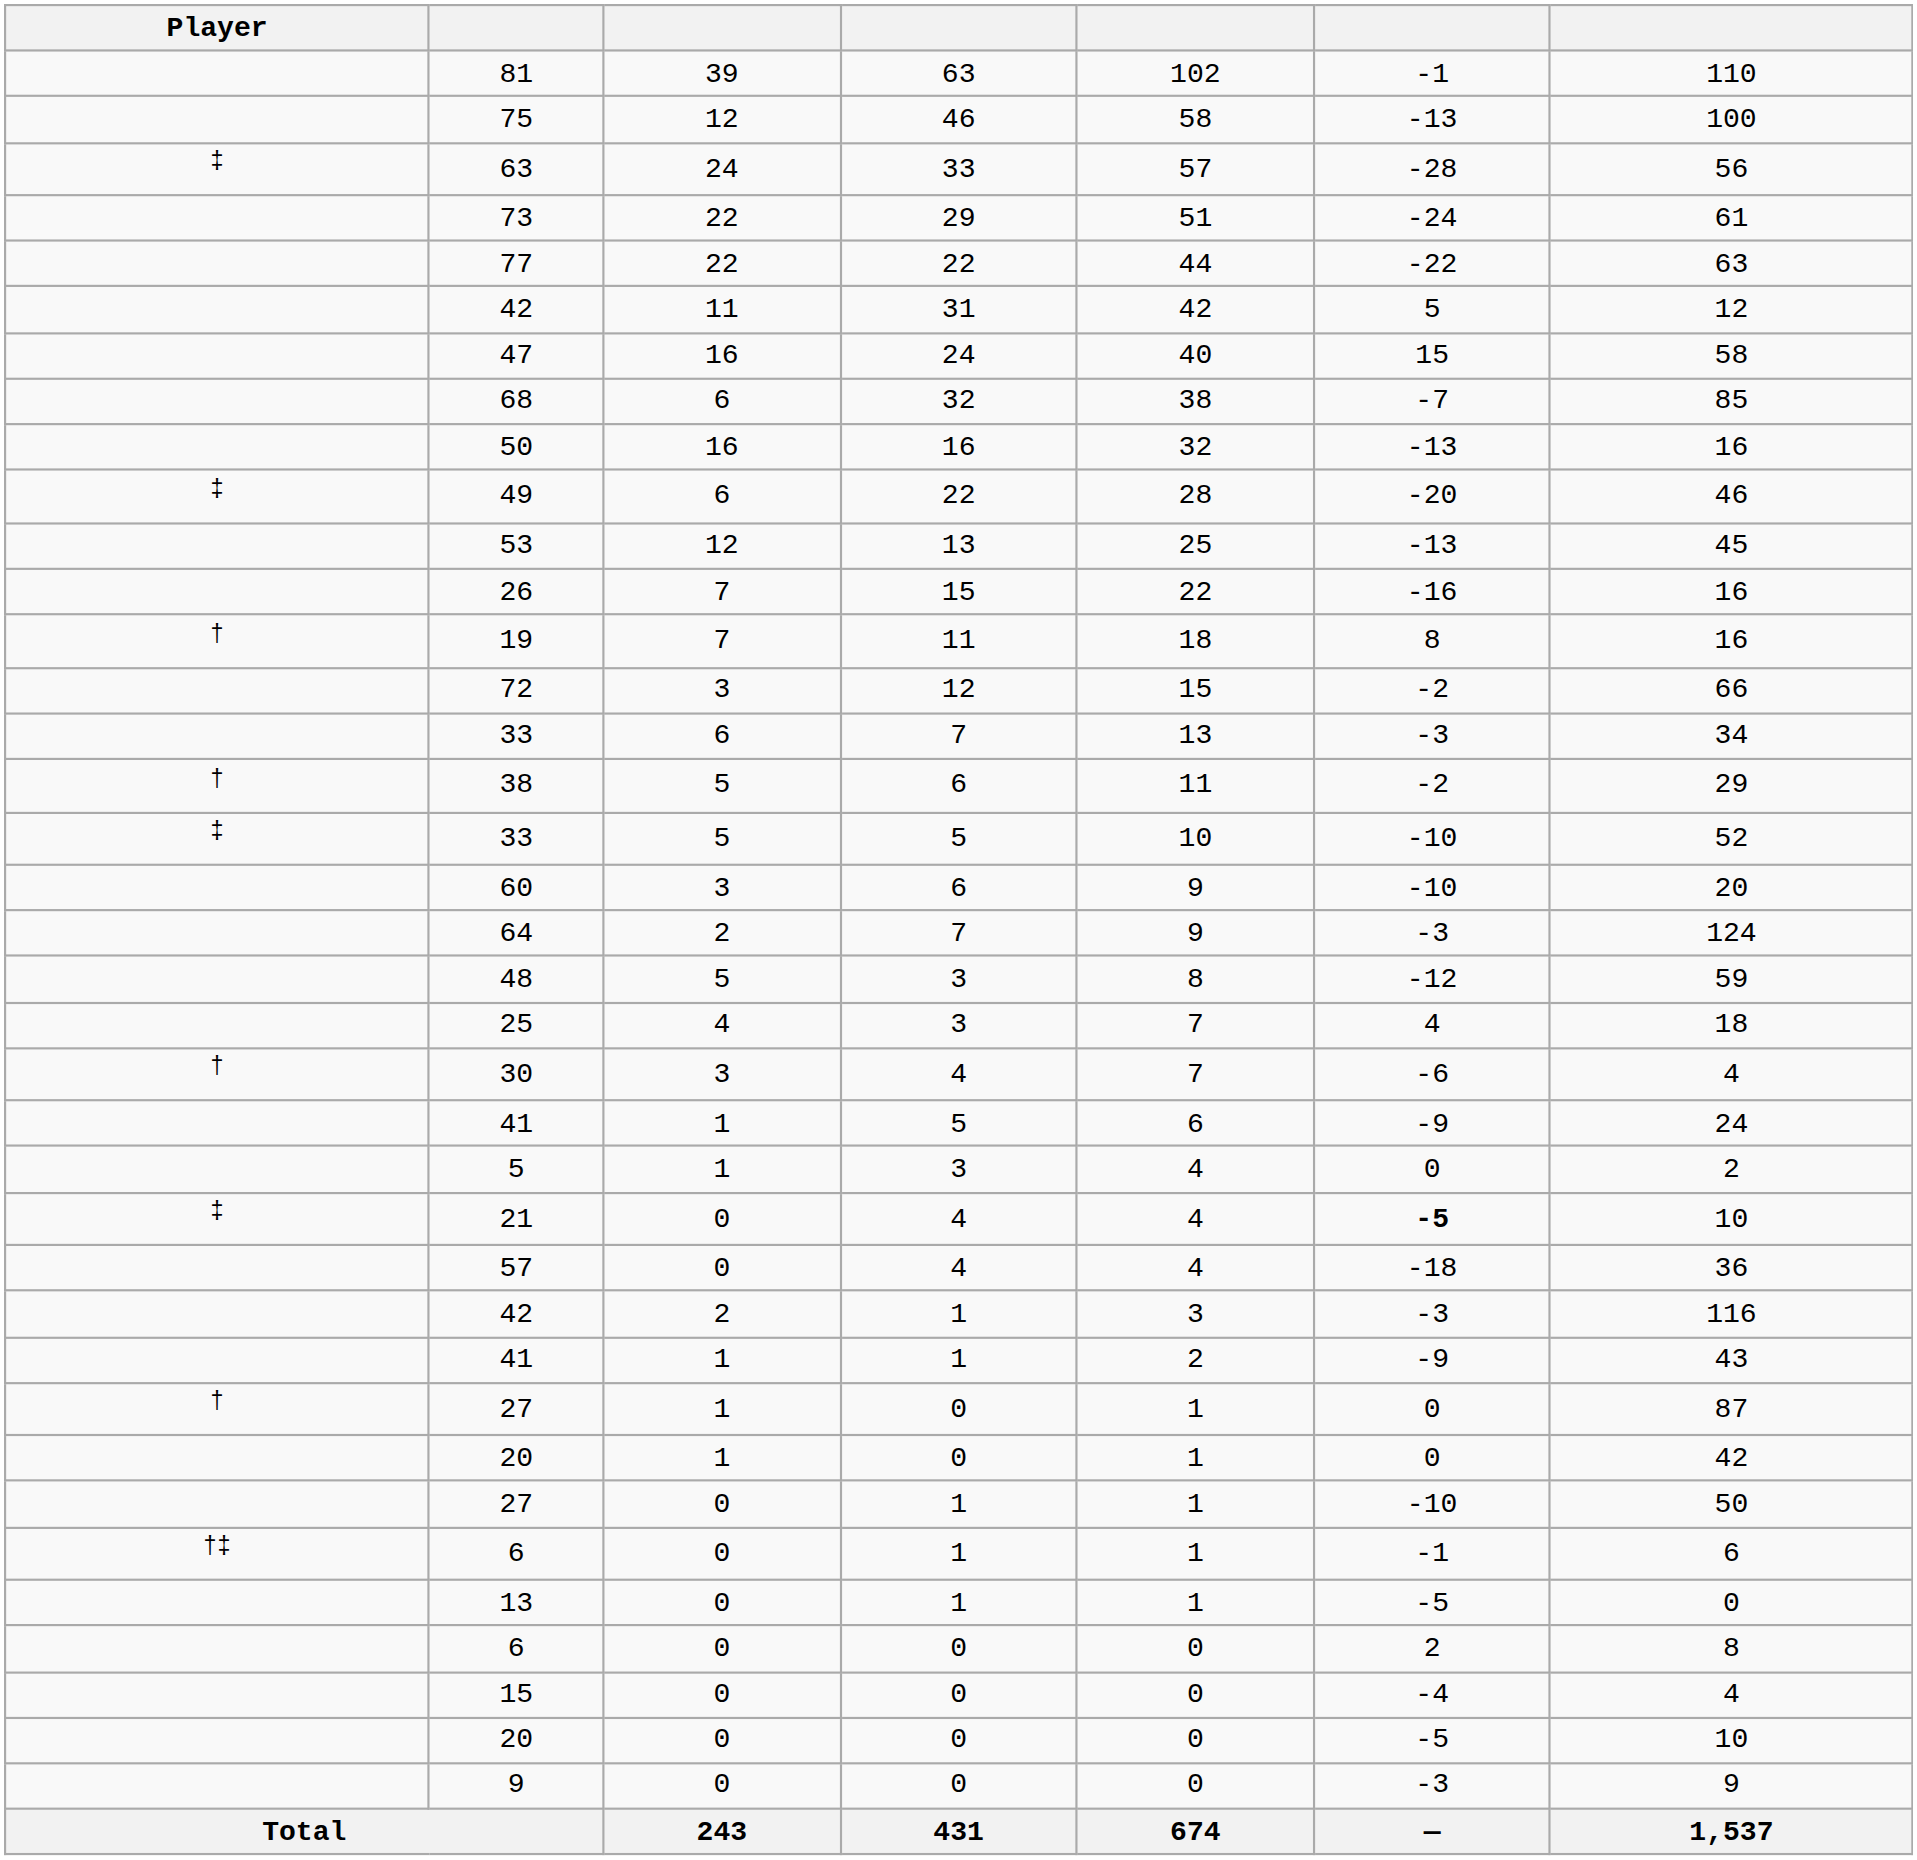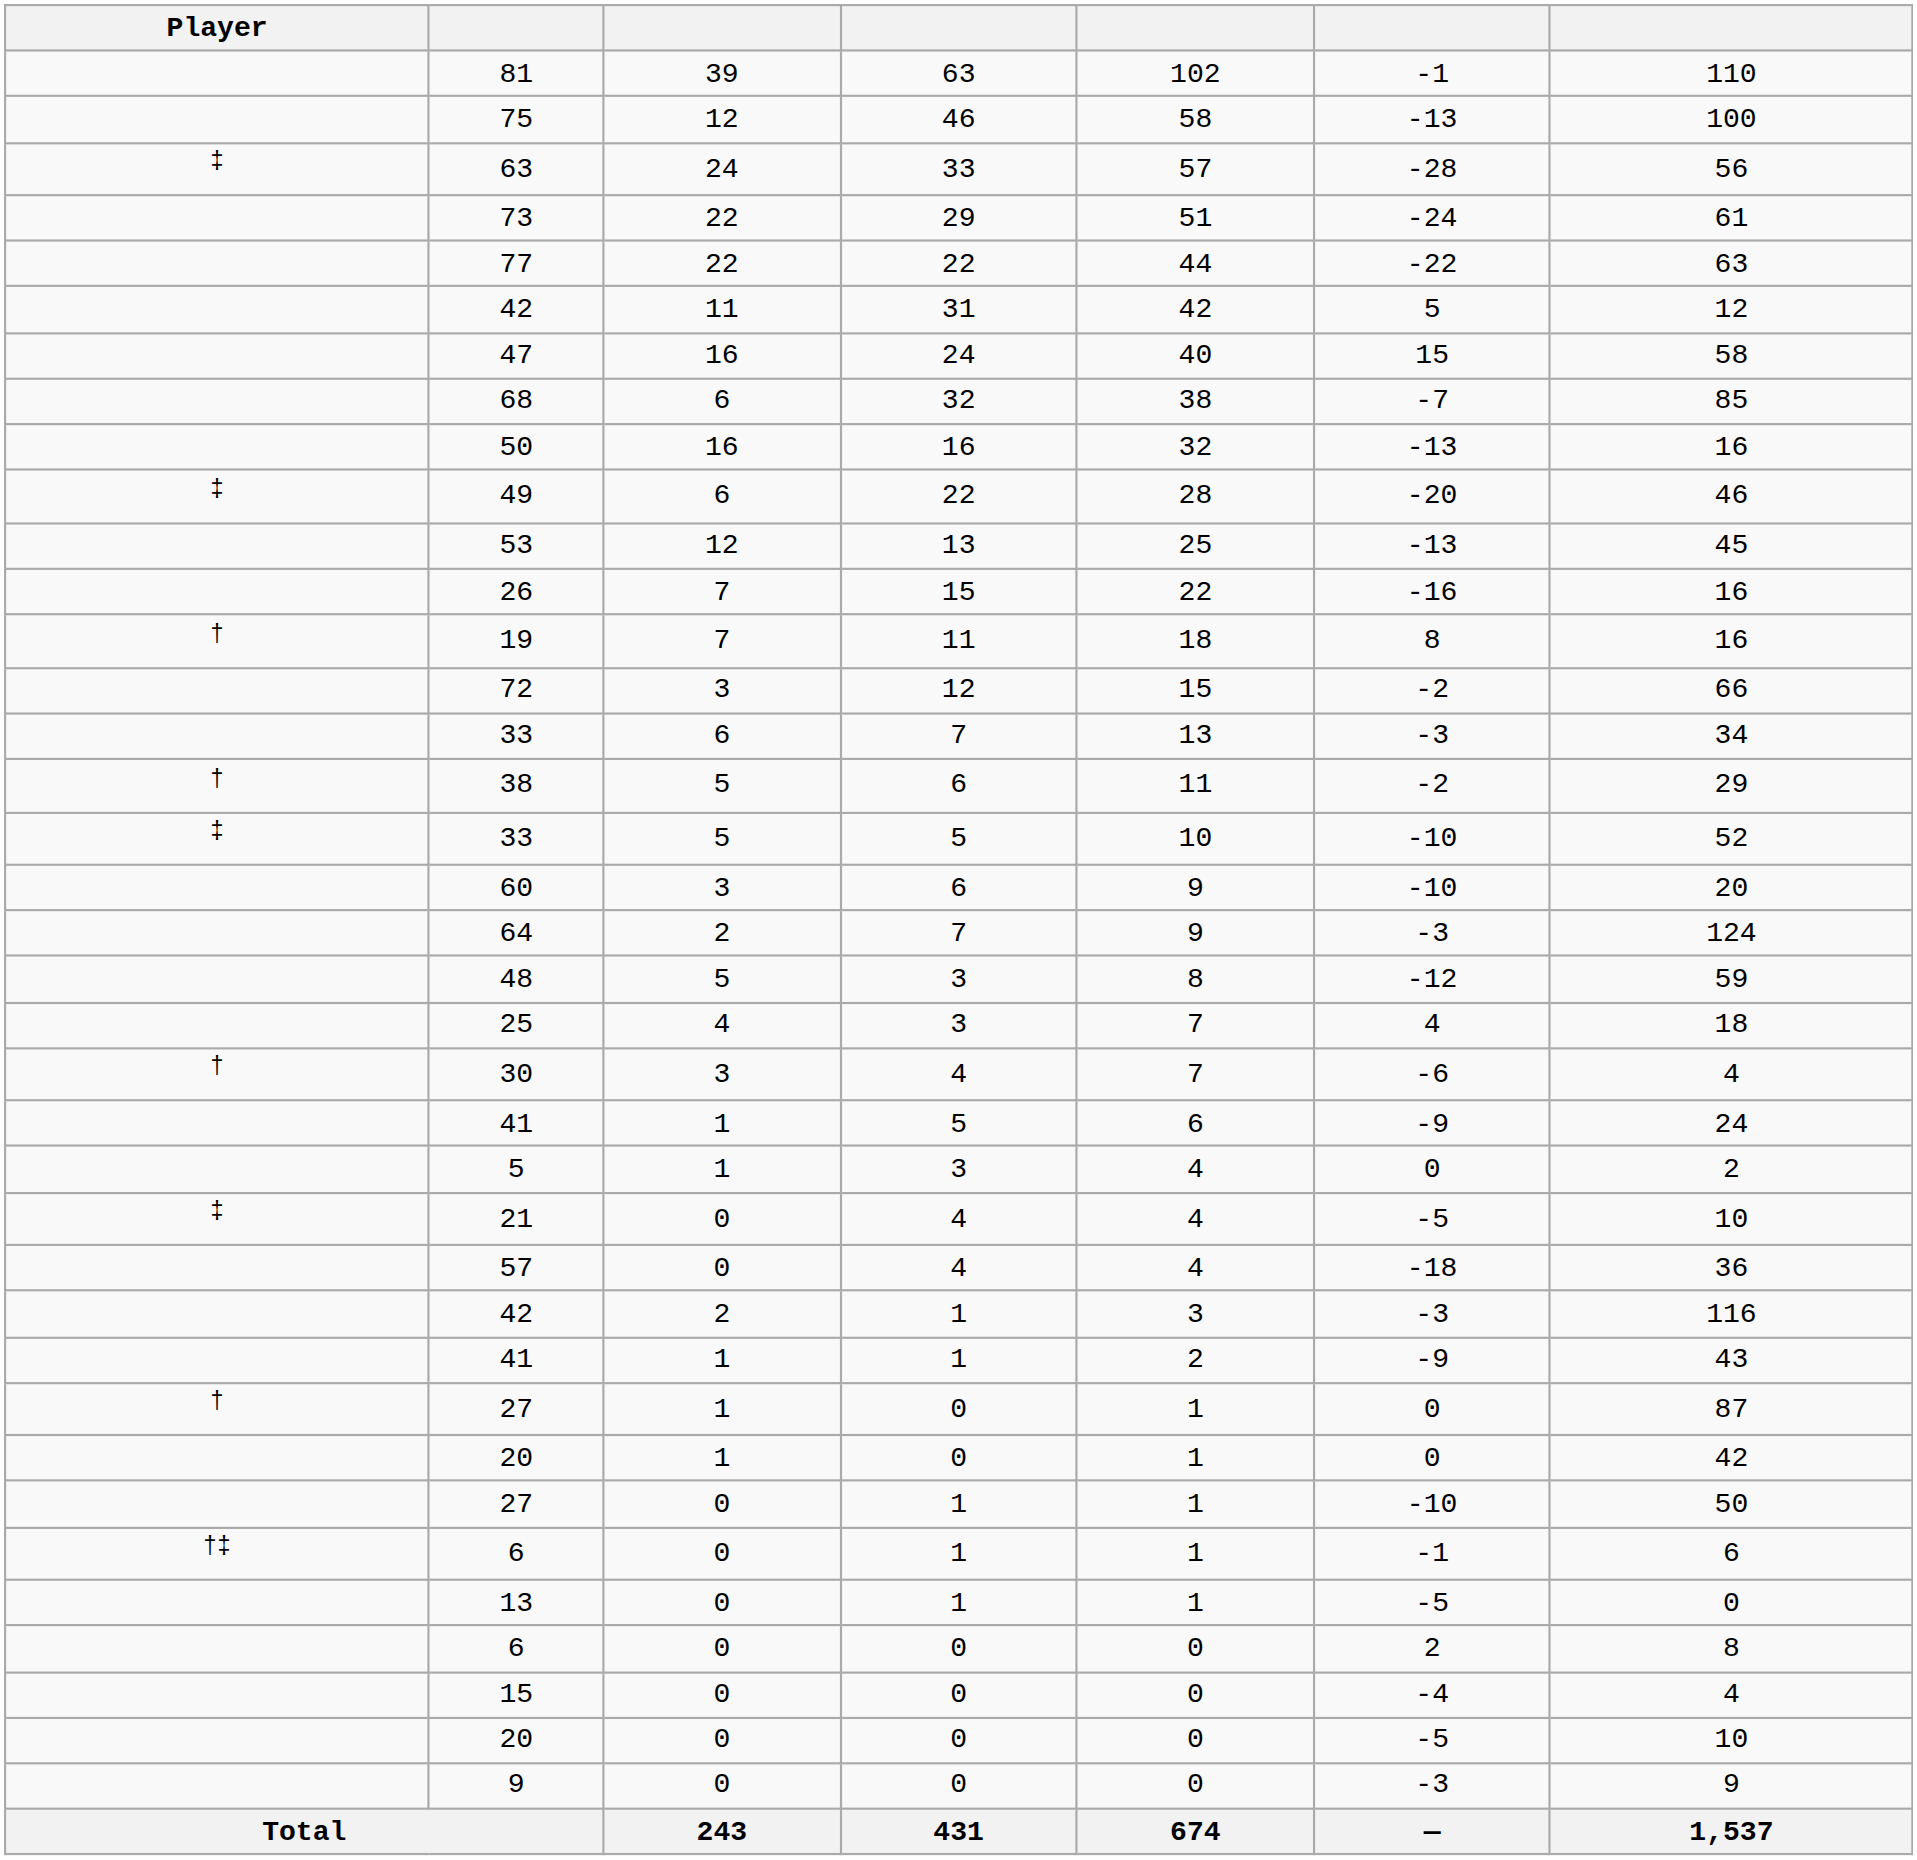 <table class="wikitable sortable" style="width:100%; text-align:center;">
 <tr align=center>
 <th>Player</th>
 <th></th>
 <th></th>
 <th></th>
 <th></th>
 <th data-sort-type="number"></th>
 <th></th>
 </tr>
 <tr>
 <td></td>
 <td>81</td>
 <td>39</td>
 <td>63</td>
 <td>102</td>
 <td>-1</td>
 <td>110</td>
 </tr>
 <tr>
 <td></td>
 <td>75</td>
 <td>12</td>
 <td>46</td>
 <td>58</td>
 <td>-13</td>
 <td>100</td>
 </tr>
 <tr>
 <td><sup>‡</sup></td>
 <td>63</td>
 <td>24</td>
 <td>33</td>
 <td>57</td>
 <td>-28</td>
 <td>56</td>
 </tr>
 <tr>
 <td></td>
 <td>73</td>
 <td>22</td>
 <td>29</td>
 <td>51</td>
 <td>-24</td>
 <td>61</td>
 </tr>
 <tr>
 <td></td>
 <td>77</td>
 <td>22</td>
 <td>22</td>
 <td>44</td>
 <td>-22</td>
 <td>63</td>
 </tr>
 <tr>
 <td></td>
 <td>42</td>
 <td>11</td>
 <td>31</td>
 <td>42</td>
 <td>5</td>
 <td>12</td>
 </tr>
 <tr>
 <td></td>
 <td>47</td>
 <td>16</td>
 <td>24</td>
 <td>40</td>
 <td>15</td>
 <td>58</td>
 </tr>
 <tr>
 <td></td>
 <td>68</td>
 <td>6</td>
 <td>32</td>
 <td>38</td>
 <td>-7</td>
 <td>85</td>
 </tr>
 <tr>
 <td></td>
 <td>50</td>
 <td>16</td>
 <td>16</td>
 <td>32</td>
 <td>-13</td>
 <td>16</td>
 </tr>
 <tr>
 <td><sup>‡</sup></td>
 <td>49</td>
 <td>6</td>
 <td>22</td>
 <td>28</td>
 <td>-20</td>
 <td>46</td>
 </tr>
 <tr>
 <td></td>
 <td>53</td>
 <td>12</td>
 <td>13</td>
 <td>25</td>
 <td>-13</td>
 <td>45</td>
 </tr>
 <tr>
 <td></td>
 <td>26</td>
 <td>7</td>
 <td>15</td>
 <td>22</td>
 <td>-16</td>
 <td>16</td>
 </tr>
 <tr>
 <td><sup>†</sup></td>
 <td>19</td>
 <td>7</td>
 <td>11</td>
 <td>18</td>
 <td>8</td>
 <td>16</td>
 </tr>
 <tr>
 <td></td>
 <td>72</td>
 <td>3</td>
 <td>12</td>
 <td>15</td>
 <td>-2</td>
 <td>66</td>
 </tr>
 <tr>
 <td></td>
 <td>33</td>
 <td>6</td>
 <td>7</td>
 <td>13</td>
 <td>-3</td>
 <td>34</td>
 </tr>
 <tr>
 <td><sup>†</sup></td>
 <td>38</td>
 <td>5</td>
 <td>6</td>
 <td>11</td>
 <td>-2</td>
 <td>29</td>
 </tr>
 <tr>
 <td><sup>‡</sup></td>
 <td>33</td>
 <td>5</td>
 <td>5</td>
 <td>10</td>
 <td>-10</td>
 <td>52</td>
 </tr>
 <tr>
 <td></td>
 <td>60</td>
 <td>3</td>
 <td>6</td>
 <td>9</td>
 <td>-10</td>
 <td>20</td>
 </tr>
 <tr>
 <td></td>
 <td>64</td>
 <td>2</td>
 <td>7</td>
 <td>9</td>
 <td>-3</td>
 <td>124</td>
 </tr>
 <tr>
 <td></td>
 <td>48</td>
 <td>5</td>
 <td>3</td>
 <td>8</td>
 <td>-12</td>
 <td>59</td>
 </tr>
 <tr>
 <td></td>
 <td>25</td>
 <td>4</td>
 <td>3</td>
 <td>7</td>
 <td>4</td>
 <td>18</td>
 </tr>
 <tr>
 <td><sup>†</sup></td>
 <td>30</td>
 <td>3</td>
 <td>4</td>
 <td>7</td>
 <td>-6</td>
 <td>4</td>
 </tr>
 <tr>
 <td></td>
 <td>41</td>
 <td>1</td>
 <td>5</td>
 <td>6</td>
 <td>-9</td>
 <td>24</td>
 </tr>
 <tr>
 <td></td>
 <td>5</td>
 <td>1</td>
 <td>3</td>
 <td>4</td>
 <td>0</td>
 <td>2</td>
 </tr>
 <tr>
 <td><sup>‡</sup></td>
 <td>21</td>
 <td>0</td>
 <td>4</td>
 <td>4</td>
-<td><strong>-5</strong></td>
+<td>-5</td>
 <td>10</td>
 </tr>
 <tr>
 <td></td>
 <td>57</td>
 <td>0</td>
 <td>4</td>
 <td>4</td>
 <td>-18</td>
 <td>36</td>
 </tr>
 <tr>
 <td></td>
 <td>42</td>
 <td>2</td>
 <td>1</td>
 <td>3</td>
 <td>-3</td>
 <td>116</td>
 </tr>
 <tr>
 <td></td>
 <td>41</td>
 <td>1</td>
 <td>1</td>
 <td>2</td>
 <td>-9</td>
 <td>43</td>
 </tr>
 <tr>
 <td><sup>†</sup></td>
 <td>27</td>
 <td>1</td>
 <td>0</td>
 <td>1</td>
 <td>0</td>
 <td>87</td>
 </tr>
 <tr>
 <td></td>
 <td>20</td>
 <td>1</td>
 <td>0</td>
 <td>1</td>
 <td>0</td>
 <td>42</td>
 </tr>
 <tr>
 <td></td>
 <td>27</td>
 <td>0</td>
 <td>1</td>
 <td>1</td>
 <td>-10</td>
 <td>50</td>
 </tr>
 <tr>
 <td><sup>†‡</sup></td>
 <td>6</td>
 <td>0</td>
 <td>1</td>
 <td>1</td>
 <td>-1</td>
 <td>6</td>
 </tr>
 <tr>
 <td></td>
 <td>13</td>
 <td>0</td>
 <td>1</td>
 <td>1</td>
 <td>-5</td>
 <td>0</td>
 </tr>
 <tr>
 <td></td>
 <td>6</td>
 <td>0</td>
 <td>0</td>
 <td>0</td>
 <td>2</td>
 <td>8</td>
 </tr>
 <tr>
 <td></td>
 <td>15</td>
 <td>0</td>
 <td>0</td>
 <td>0</td>
 <td>-4</td>
 <td>4</td>
 </tr>
 <tr>
 <td></td>
 <td>20</td>
 <td>0</td>
 <td>0</td>
 <td>0</td>
 <td>-5</td>
 <td>10</td>
 </tr>
 <tr>
 <td></td>
 <td>9</td>
 <td>0</td>
 <td>0</td>
 <td>0</td>
 <td>-3</td>
 <td>9</td>
 </tr>
 <tr class="sortbottom">
 <th colspan=2>Total</th>
 <th>243</th>
 <th>431</th>
 <th>674</th>
 <th>—</th>
 <th>1,537</th>
 </tr>
 </table>
